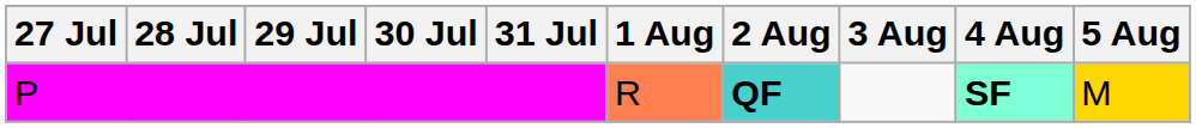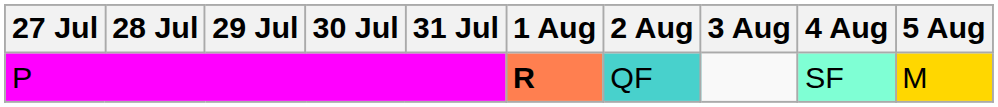 <table class="wikitable olympic-schedule Badminton">
 <tr>
 <th>27 Jul</th>
 <th>28 Jul</th>
 <th>29 Jul</th>
 <th>30 Jul</th>
 <th>31 Jul</th>
 <th>1 Aug</th>
 <th>2 Aug</th>
 <th>3 Aug</th>
 <th>4 Aug</th>
 <th>5 Aug</th>
 </tr>
 <tr>
 <td class="event" colspan=5 bgcolor="#FF00FF" class="prelims">P</td>
-<td bgcolor="#FF7F50" class="roundof16">R</td>
-<td bgcolor="#48D1CC" class="quarterfinals"><strong>QF</strong></td>
+<td bgcolor="#FF7F50" class="roundof16"><strong>R</strong></td>
+<td bgcolor="#48D1CC" class="quarterfinals">QF</td>
 <td></td>
-<td bgcolor="#7FFFD4" class="semifinals"><strong>SF</strong></td>
+<td bgcolor="#7FFFD4" class="semifinals">SF</td>
 <td bgcolor="gold" class="finals">M</td>
 </tr>
 </table>
